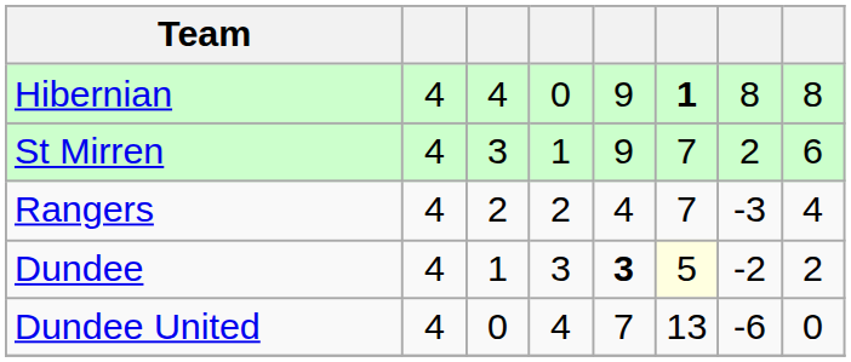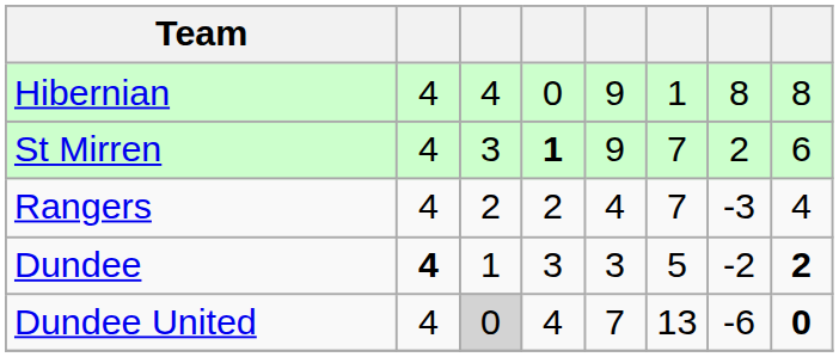 <table class="wikitable" style="text-align:center;">
 <tr>
 <th width=165>Team</th>
 <th width=20></th>
 <th width=20></th>
 <th width=20></th>
 <th width=20></th>
 <th width=20></th>
 <th width=20></th>
 <th width=20></th>
 </tr>
 <tr style="background:#cfc;">
 <td align="left"><a href='#'>Hibernian</a></td>
 <td>4</td>
 <td>4</td>
 <td>0</td>
 <td>9</td>
-<td><strong>1</strong></td>
+<td>1</td>
 <td>8</td>
 <td>8</td>
 </tr>
 <tr style="background:#cfc;">
 <td align="left"><a href='#'>St Mirren</a></td>
 <td>4</td>
 <td>3</td>
-<td>1</td>
+<td><strong>1</strong></td>
 <td>9</td>
 <td>7</td>
 <td>2</td>
 <td>6</td>
 </tr>
 <tr>
 <td align="left"><a href='#'>Rangers</a></td>
 <td>4</td>
 <td>2</td>
 <td>2</td>
 <td>4</td>
 <td>7</td>
 <td>-3</td>
 <td>4</td>
 </tr>
 <tr>
 <td align="left"><a href='#'>Dundee</a></td>
-<td>4</td>
+<td><strong>4</strong></td>
 <td>1</td>
 <td>3</td>
-<td><strong>3</strong></td>
-<td style="background: lightyellow;">5</td>
+<td>3</td>
+<td>5</td>
 <td>-2</td>
-<td>2</td>
+<td><strong>2</strong></td>
 </tr>
 <tr>
 <td align="left"><a href='#'>Dundee United</a></td>
 <td>4</td>
-<td>0</td>
+<td style="background: lightgrey;">0</td>
 <td>4</td>
 <td>7</td>
 <td>13</td>
 <td>-6</td>
-<td>0</td>
+<td><strong>0</strong></td>
 </tr>
 <tr>
 </tr>
 </table>
